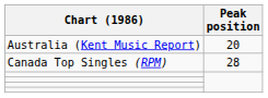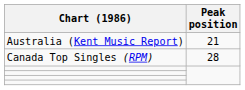 <table class="wikitable sortable">
 <tr>
 <th>Chart (1986)</th>
 <th>Peak<br>position</th>
 </tr>
 <tr>
 <td>Australia (<a href='#'>Kent Music Report</a>)</td>
-<td align="center">20</td>
+<td align="center">21</td>
 </tr>
 <tr>
 <td>Canada Top Singles <em>(<a href='#'>RPM</a>)</em></td>
 <td align="center">28</td>
 </tr>
 <tr>
 <td></td>
 </tr>
 <tr>
 <td></td>
 </tr>
 <tr>
 <td></td>
 </tr>
 <tr>
 <td></td>
 </tr>
 </table>
